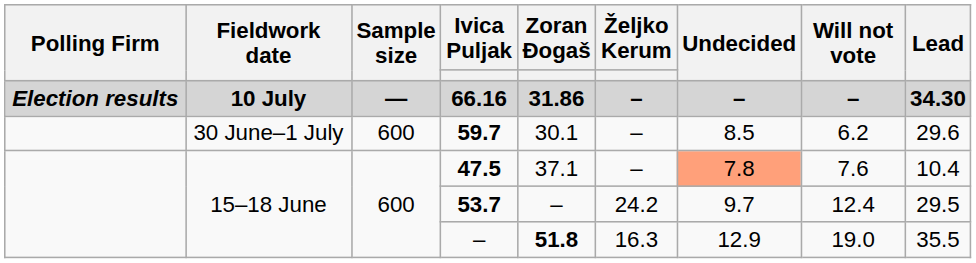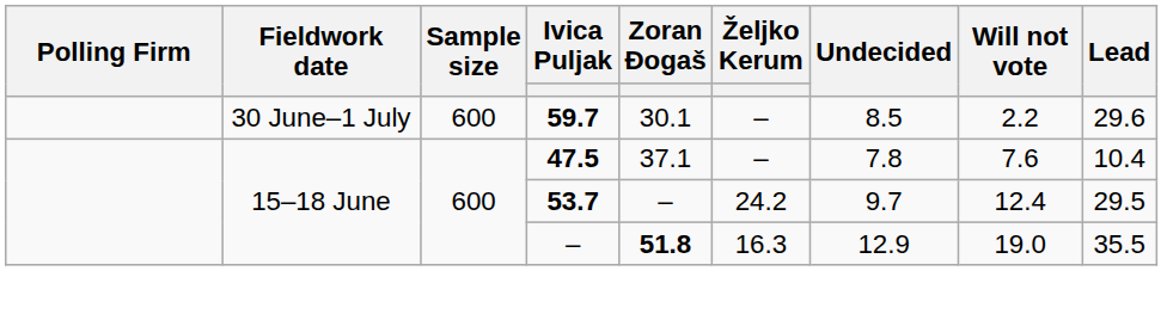 <table class="wikitable sortable" style="text-align:center; font-size:90%; line-height:16px;">
 <tr style="height:42px;">
 <th rowspan="2" style="width:110px;">Polling Firm</th>
 <th rowspan="2" style="width:100px;">Fieldwork date</th>
 <th rowspan="2" style="width:40px;">Sample <br> size</th>
 <th class="unsortable" style="width:40px;">Ivica Puljak</th>
 <th class="unsortable" style="width:40px;">Zoran Đogaš</th>
 <th class="unsortable" style="width:40px;">Željko Kerum</th>
 <th rowspan="2" class="unsortable" style="width:40px;">Undecided</th>
 <th rowspan="2" class="unsortable" style="width:60px;">Will not vote</th>
 <th rowspan="2" class="unsortable" style="width:20px;">Lead</th>
 </tr>
 <tr>
 <th class="unsortable" style="color:inherit;background:"></th>
 <th class="unsortable" style="color:inherit;background:"></th>
 <th class="unsortable" style="color:inherit;background:"></th>
 </tr>
-<tr style="background:#D5D5D5; font-weight:bold;">
-<td><em>Election results</em></td>
-<td>10 July</td>
-<td>—</td>
-<td style="background:">66.16</td>
-<td>31.86</td>
-<td>–</td>
-<td>–</td>
-<td>–</td>
-<td style="background:">34.30</td>
-</tr>
 <tr>
 <td></td>
 <td>30 June–1 July</td>
 <td>600</td>
 <td style="background:"><strong>59.7</strong></td>
 <td>30.1</td>
 <td>–</td>
 <td>8.5</td>
-<td>6.2</td>
+<td>2.2</td>
 <td style="background:">29.6</td>
 </tr>
 <tr>
 <td rowspan="3"></td>
 <td rowspan="3">15–18 June</td>
 <td rowspan="3">600</td>
 <td style="background:"><strong>47.5</strong></td>
 <td>37.1</td>
 <td>–</td>
-<td style="background: lightsalmon;">7.8</td>
+<td>7.8</td>
 <td>7.6</td>
 <td style="background:">10.4</td>
 </tr>
 <tr>
 <td style="background:"><strong>53.7</strong></td>
 <td>–</td>
 <td>24.2</td>
 <td>9.7</td>
 <td>12.4</td>
 <td style="background:">29.5</td>
 </tr>
 <tr>
 <td>–</td>
 <td style="background:"><strong>51.8</strong></td>
 <td>16.3</td>
 <td>12.9</td>
 <td>19.0</td>
 <td style="background:">35.5</td>
 </tr>
 </table>
